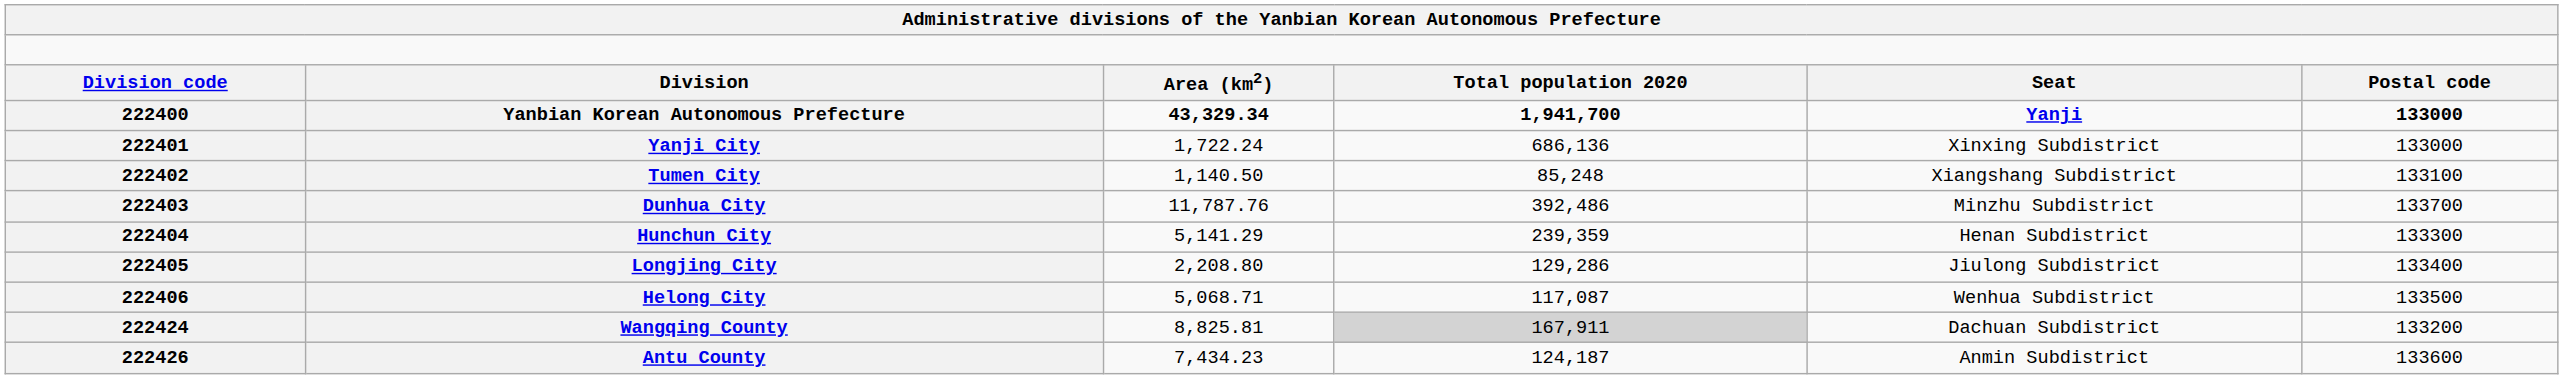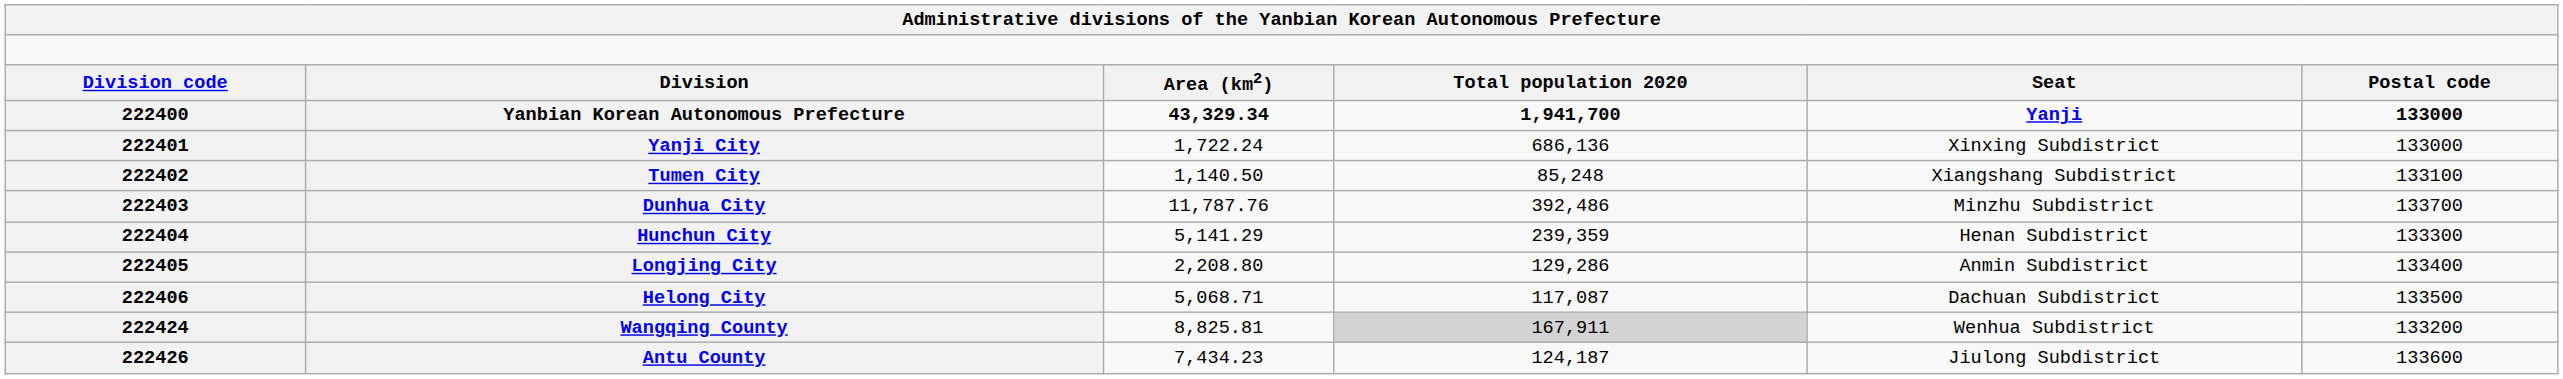 <table class="wikitable sortable collapsible" style="margin:1em auto 1em auto; width:90%; text-align:center;">
 <tr>
 <th colspan="8">Administrative divisions of the Yanbian Korean Autonomous Prefecture</th>
 </tr>
 <tr>
 <td colspan="8"><div><br>           </div></td>
 </tr>
 <tr>
 <th ! scope="col"><a href='#'>Division code</a></th>
 <th ! scope="col">Division</th>
 <th ! scope="col">Area (km<sup>2</sup>)</th>
 <th ! scope="col">Total population 2020</th>
 <th ! scope="col">Seat</th>
 <th ! scope="col">Postal code</th>
 </tr>
 <tr style="font-weight: bold">
 <th>222400</th>
 <th>Yanbian Korean Autonomous Prefecture</th>
 <td>43,329.34</td>
 <td>1,941,700</td>
 <td><a href='#'>Yanji</a></td>
 <td>133000</td>
 </tr>
 <tr>
 <th>222401</th>
 <th><a href='#'>Yanji City</a></th>
 <td>1,722.24</td>
 <td>686,136</td>
 <td>Xinxing Subdistrict</td>
 <td>133000</td>
 </tr>
 <tr>
 <th>222402</th>
 <th><a href='#'>Tumen City</a></th>
 <td>1,140.50</td>
 <td>85,248</td>
 <td>Xiangshang Subdistrict</td>
 <td>133100</td>
 </tr>
 <tr>
 <th>222403</th>
 <th><a href='#'>Dunhua City</a></th>
 <td>11,787.76</td>
 <td>392,486</td>
 <td>Minzhu Subdistrict</td>
 <td>133700</td>
 </tr>
 <tr>
 <th>222404</th>
 <th><a href='#'>Hunchun City</a></th>
 <td>5,141.29</td>
 <td>239,359</td>
 <td>Henan Subdistrict</td>
 <td>133300</td>
 </tr>
 <tr>
 <th>222405</th>
 <th><a href='#'>Longjing City</a></th>
 <td>2,208.80</td>
 <td>129,286</td>
-<td>Jiulong Subdistrict</td>
+<td>Anmin Subdistrict</td>
 <td>133400</td>
 </tr>
 <tr>
 <th>222406</th>
 <th><a href='#'>Helong City</a></th>
 <td>5,068.71</td>
 <td>117,087</td>
-<td>Wenhua Subdistrict</td>
+<td>Dachuan Subdistrict</td>
 <td>133500</td>
 </tr>
 <tr>
 <th>222424</th>
 <th><a href='#'>Wangqing County</a></th>
 <td>8,825.81</td>
 <td style="background: lightgrey;">167,911</td>
-<td>Dachuan Subdistrict</td>
+<td>Wenhua Subdistrict</td>
 <td>133200</td>
 </tr>
 <tr>
 <th>222426</th>
 <th><a href='#'>Antu County</a></th>
 <td>7,434.23</td>
 <td>124,187</td>
-<td>Anmin Subdistrict</td>
+<td>Jiulong Subdistrict</td>
 <td>133600</td>
 </tr>
 </table>
